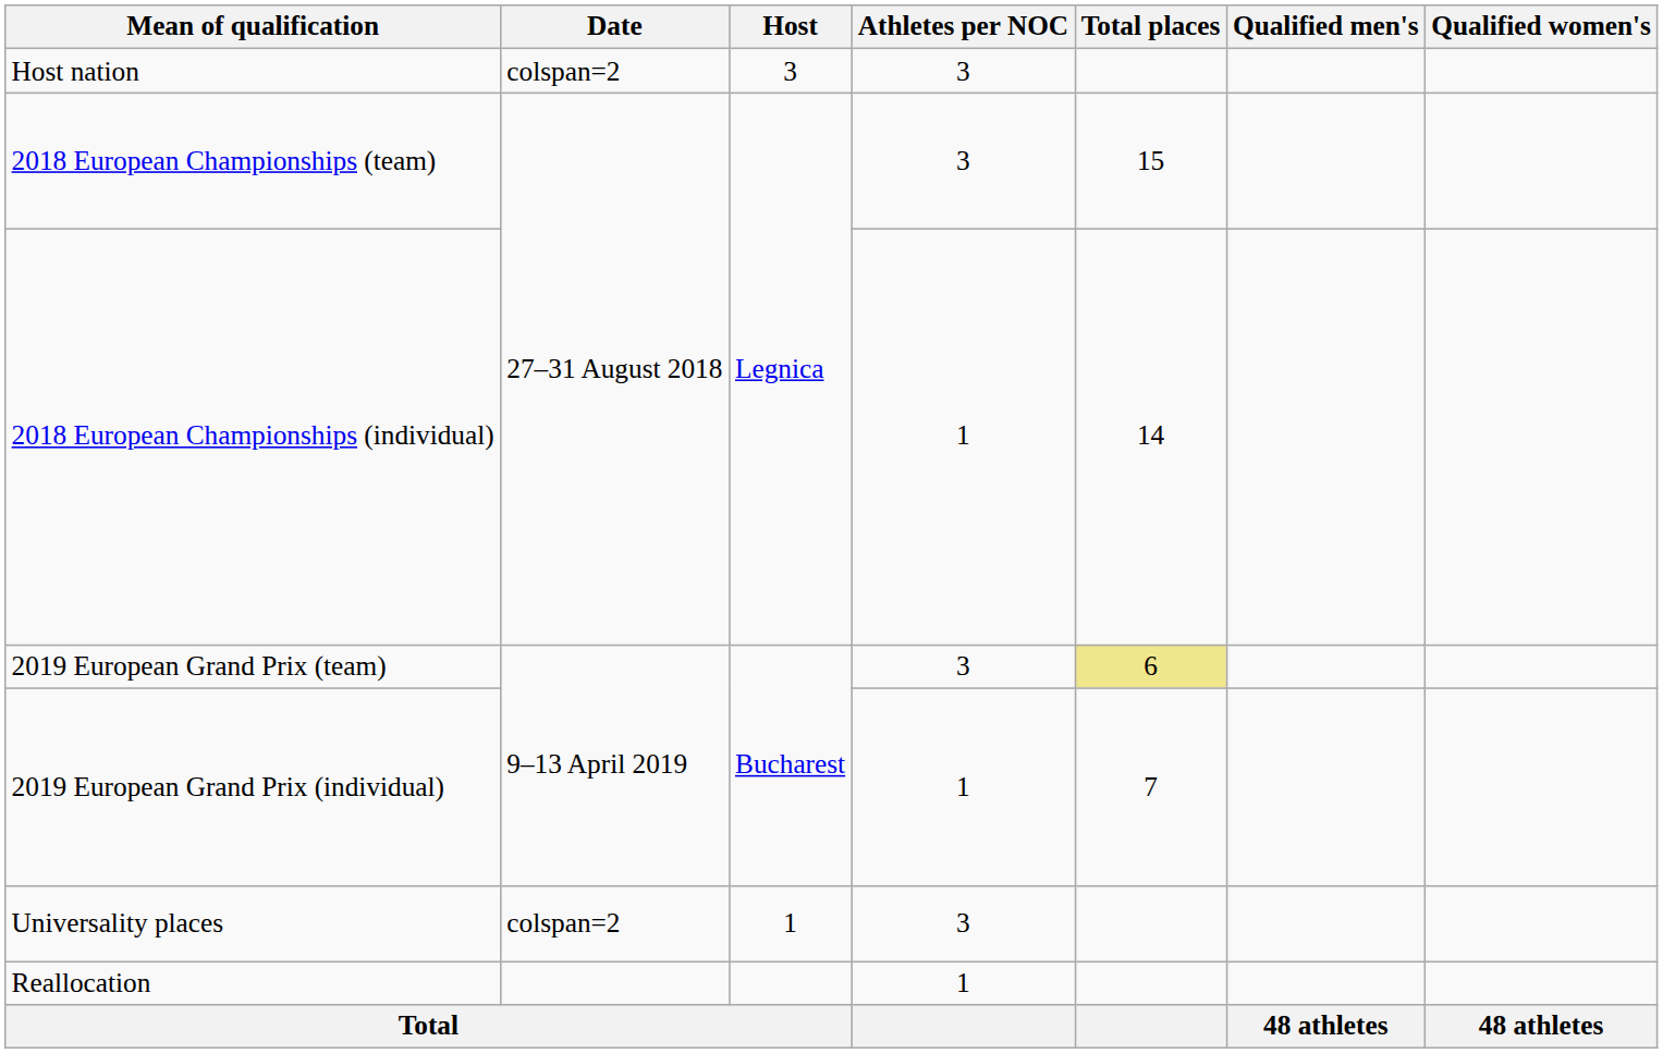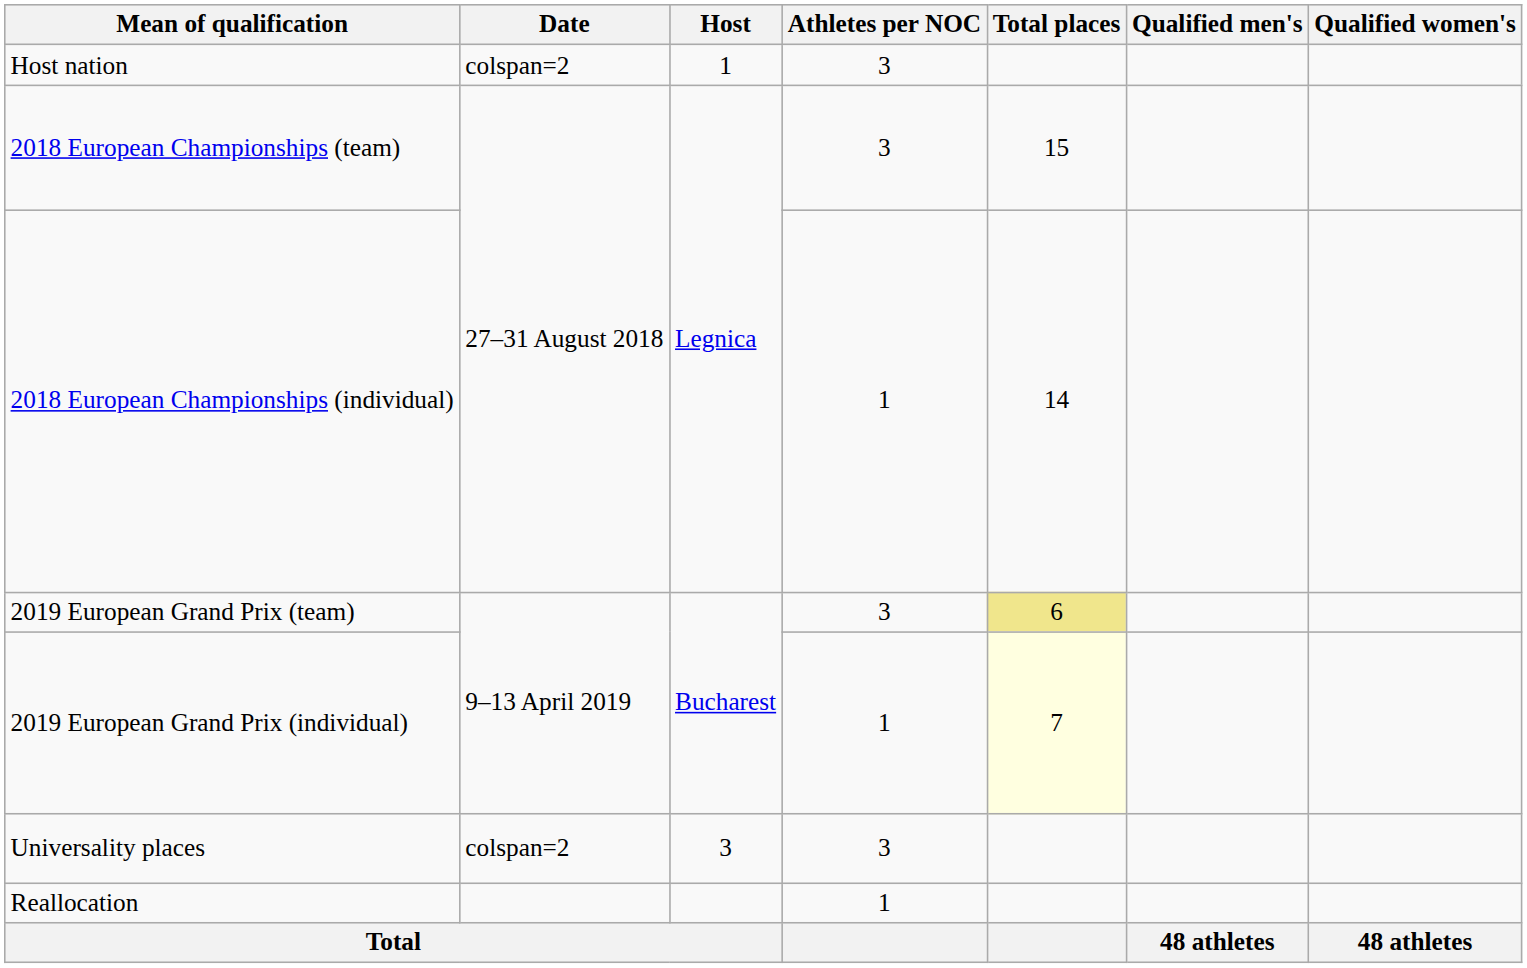 <table class="wikitable">
 <tr>
 <th>Mean of qualification</th>
 <th>Date</th>
 <th>Host</th>
 <th>Athletes per NOC</th>
 <th>Total places</th>
 <th>Qualified men's</th>
 <th>Qualified women's</th>
 </tr>
 <tr>
 <td>Host nation</td>
 <td>colspan=2 </td>
-<td align=center>3</td>
+<td align=center>1</td>
 <td align=center>3</td>
 <td></td>
 <td></td>
 </tr>
 <tr>
 <td><a href='#'>2018 European Championships</a> (team)</td>
 <td rowspan=2>27–31 August 2018</td>
 <td rowspan=2> <a href='#'>Legnica</a></td>
 <td align=center>3</td>
 <td align=center>15</td>
 <td><br><br><br><br></td>
 <td><br><br><br><br></td>
 </tr>
 <tr>
 <td><a href='#'>2018 European Championships</a> (individual)</td>
 <td align=center>1</td>
 <td align=center>14</td>
 <td><br><br><br><br><br><br><br><br><br><br><br><br><br></td>
 <td><br><br><br><br><br><br><br><br><br><s></s><br><br><br><br></td>
 </tr>
 <tr>
 <td>2019 European Grand Prix (team)</td>
 <td rowspan=2>9–13 April 2019</td>
 <td rowspan=2> <a href='#'>Bucharest</a></td>
 <td align=center>3</td>
 <td align=center style="background: khaki;">6</td>
 <td><br></td>
 <td><br></td>
 </tr>
 <tr>
 <td>2019 European Grand Prix (individual)</td>
 <td align=center>1</td>
-<td align=center>7</td>
+<td align=center style="background: lightyellow;">7</td>
 <td><br><br><br><br><s></s><br><br></td>
 <td><br><br><br><br><br><br></td>
 </tr>
 <tr>
 <td>Universality places</td>
 <td>colspan=2 </td>
-<td align=center>1</td>
+<td align=center>3</td>
 <td style="text-align:center;">3</td>
 <td><br><s></s><br></td>
 <td><br><br></td>
 </tr>
 <tr>
 <td>Reallocation</td>
 <td></td>
 <td></td>
 <td align=center>1</td>
 <td></td>
 <td><br></td>
 <td></td>
 </tr>
 <tr>
 <th colspan=3>Total</th>
 <th></th>
 <th></th>
 <th>48 athletes</th>
 <th>48 athletes</th>
 </tr>
 </table>
